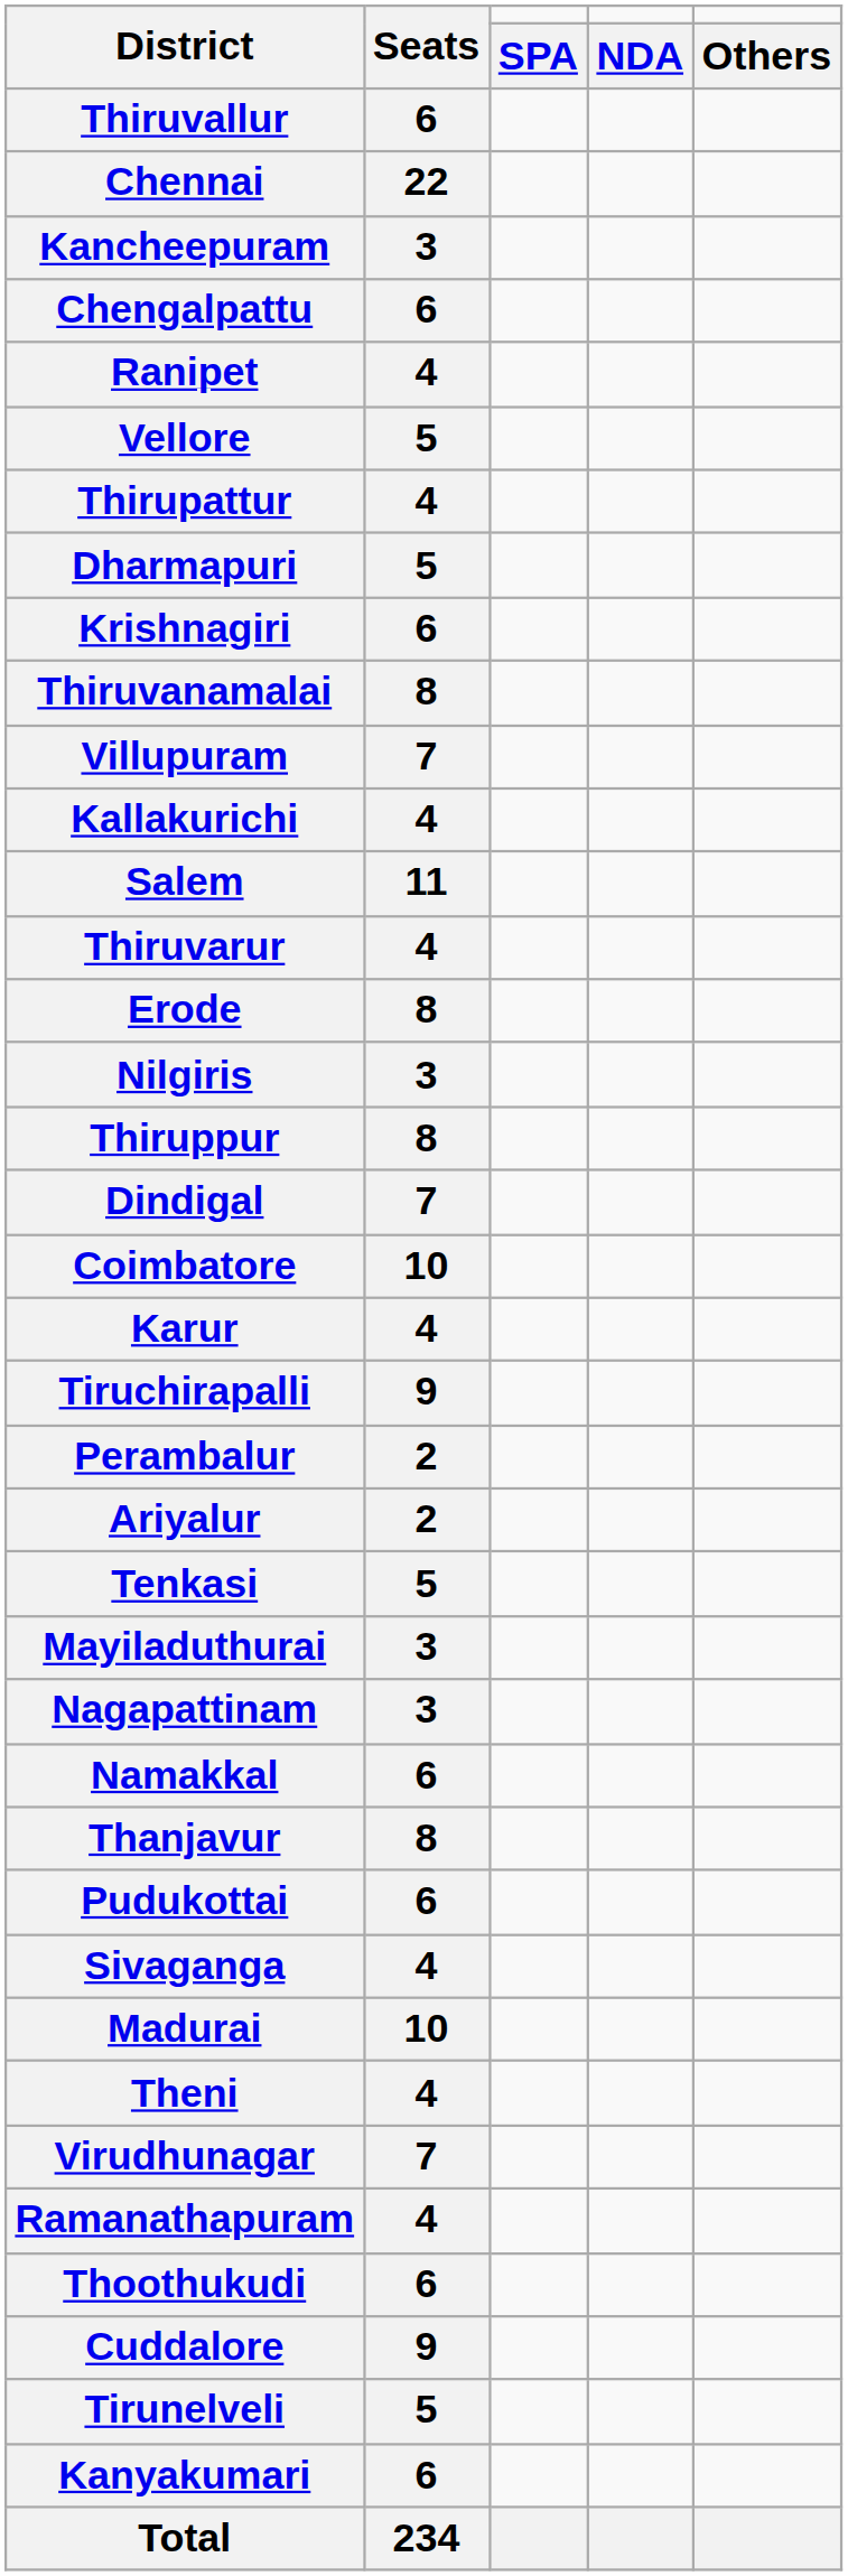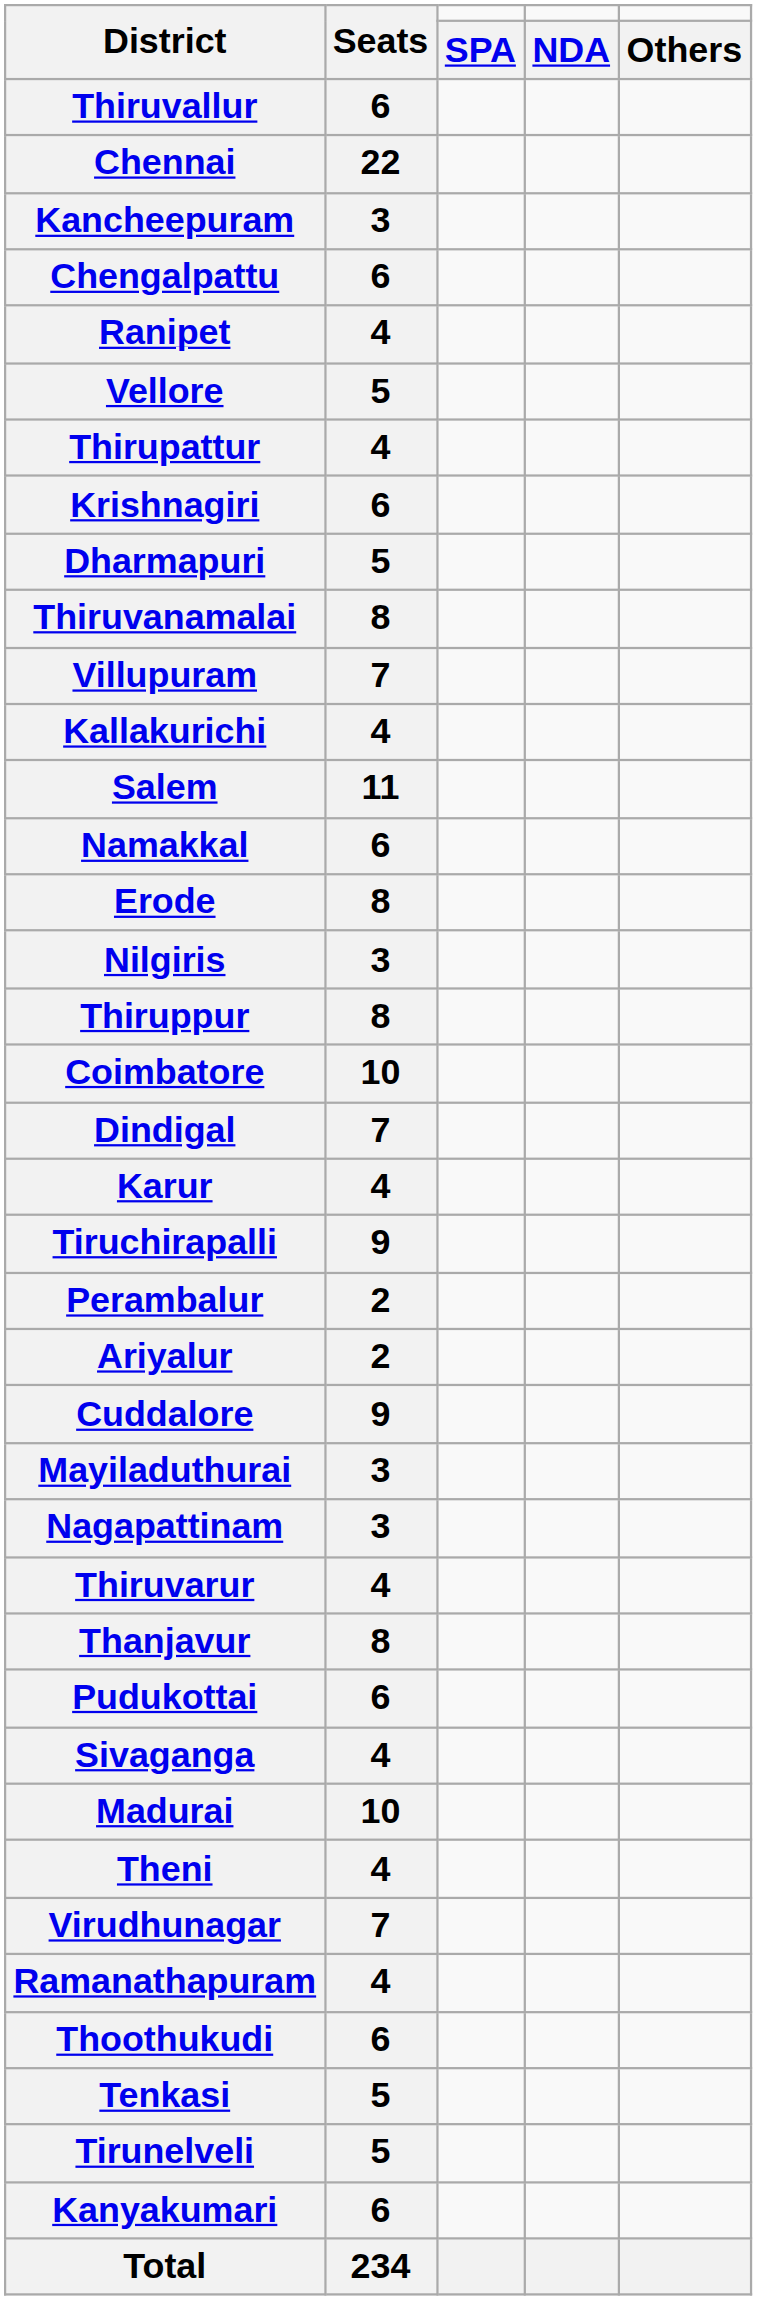 <table class="wikitable" style="text-align:center;">
 <tr>
 <th rowspan="2">District</th>
 <th rowspan="2">Seats</th>
 <td style="color:inherit;background:"></td>
 <td style="color:inherit;background:"></td>
 <td style="color:inherit;background:"></td>
 </tr>
 <tr>
 <th><a href='#'>SPA</a></th>
 <th><a href='#'>NDA</a></th>
 <th>Others</th>
 </tr>
 <tr>
 <th><a href='#'>Thiruvallur</a></th>
 <th>6</th>
 <td></td>
 <td></td>
 <td></td>
 </tr>
 <tr>
 <th><a href='#'>Chennai</a></th>
 <th>22</th>
 <td></td>
 <td></td>
 <td></td>
 </tr>
 <tr>
 <th><a href='#'>Kancheepuram</a></th>
 <th>3</th>
 <td></td>
 <td></td>
 <td></td>
 </tr>
 <tr>
 <th><a href='#'>Chengalpattu</a></th>
 <th>6</th>
 <td></td>
 <td></td>
 <td></td>
 </tr>
 <tr>
 <th><a href='#'>Ranipet</a></th>
 <th>4</th>
 <td></td>
 <td></td>
 <td></td>
 </tr>
 <tr>
 <th><a href='#'>Vellore</a></th>
 <th>5</th>
 <td></td>
 <td></td>
 <td></td>
 </tr>
 <tr>
 <th><a href='#'>Thirupattur</a></th>
 <th>4</th>
 <td></td>
 <td></td>
 <td></td>
 </tr>
 <tr>
-<th><a href='#'>Dharmapuri</a></th>
-<th>5</th>
+<th><a href='#'>Krishnagiri</a></th>
+<th>6</th>
 <td></td>
 <td></td>
 <td></td>
 </tr>
 <tr>
-<th><a href='#'>Krishnagiri</a></th>
-<th>6</th>
+<th><a href='#'>Dharmapuri</a></th>
+<th>5</th>
 <td></td>
 <td></td>
 <td></td>
 </tr>
 <tr>
 <th><a href='#'>Thiruvanamalai</a></th>
 <th>8</th>
 <td></td>
 <td></td>
 <td></td>
 </tr>
 <tr>
 <th><a href='#'>Villupuram</a></th>
 <th>7</th>
 <td></td>
 <td></td>
 <td></td>
 </tr>
 <tr>
 <th><a href='#'>Kallakurichi</a></th>
 <th>4</th>
 <td></td>
 <td></td>
 <td></td>
 </tr>
 <tr>
 <th><a href='#'>Salem</a></th>
 <th>11</th>
 <td></td>
 <td></td>
 <td></td>
 </tr>
 <tr>
-<th><a href='#'>Thiruvarur</a></th>
-<th>4</th>
+<th><a href='#'>Namakkal</a></th>
+<th>6</th>
 <td></td>
 <td></td>
 <td></td>
 </tr>
 <tr>
 <th><a href='#'>Erode</a></th>
 <th>8</th>
 <td></td>
 <td></td>
 <td></td>
 </tr>
 <tr>
 <th><a href='#'>Nilgiris</a></th>
 <th>3</th>
 <td></td>
 <td></td>
 <td></td>
 </tr>
 <tr>
 <th><a href='#'>Thiruppur</a></th>
 <th>8</th>
 <td></td>
 <td></td>
 <td></td>
 </tr>
 <tr>
-<th><a href='#'>Dindigal</a></th>
-<th>7</th>
+<th><a href='#'>Coimbatore</a></th>
+<th>10</th>
 <td></td>
 <td></td>
 <td></td>
 </tr>
 <tr>
-<th><a href='#'>Coimbatore</a></th>
-<th>10</th>
+<th><a href='#'>Dindigal</a></th>
+<th>7</th>
 <td></td>
 <td></td>
 <td></td>
 </tr>
 <tr>
 <th><a href='#'>Karur</a></th>
 <th>4</th>
 <td></td>
 <td></td>
 <td></td>
 </tr>
 <tr>
 <th><a href='#'>Tiruchirapalli</a></th>
 <th>9</th>
 <td></td>
 <td></td>
 <td></td>
 </tr>
 <tr>
 <th><a href='#'>Perambalur</a></th>
 <th>2</th>
 <td></td>
 <td></td>
 <td></td>
 </tr>
 <tr>
 <th><a href='#'>Ariyalur</a></th>
 <th>2</th>
 <td></td>
 <td></td>
 <td></td>
 </tr>
 <tr>
-<th><a href='#'>Tenkasi</a></th>
-<th>5</th>
+<th><a href='#'>Cuddalore</a></th>
+<th>9</th>
 <td></td>
 <td></td>
 <td></td>
 </tr>
 <tr>
 <th><a href='#'>Mayiladuthurai</a></th>
 <th>3</th>
 <td></td>
 <td></td>
 <td></td>
 </tr>
 <tr>
 <th><a href='#'>Nagapattinam</a></th>
 <th>3</th>
 <td></td>
 <td></td>
 <td></td>
 </tr>
 <tr>
-<th><a href='#'>Namakkal</a></th>
-<th>6</th>
+<th><a href='#'>Thiruvarur</a></th>
+<th>4</th>
 <td></td>
 <td></td>
 <td></td>
 </tr>
 <tr>
 <th><a href='#'>Thanjavur</a></th>
 <th>8</th>
 <td></td>
 <td></td>
 <td></td>
 </tr>
 <tr>
 <th><a href='#'>Pudukottai</a></th>
 <th>6</th>
 <td></td>
 <td></td>
 <td></td>
 </tr>
 <tr>
 <th><a href='#'>Sivaganga</a></th>
 <th>4</th>
 <td></td>
 <td></td>
 <td></td>
 </tr>
 <tr>
 <th><a href='#'>Madurai</a></th>
 <th>10</th>
 <td></td>
 <td></td>
 <td></td>
 </tr>
 <tr>
 <th><a href='#'>Theni</a></th>
 <th>4</th>
 <td></td>
 <td></td>
 <td></td>
 </tr>
 <tr>
 <th><a href='#'>Virudhunagar</a></th>
 <th>7</th>
 <td></td>
 <td></td>
 <td></td>
 </tr>
 <tr>
 <th><a href='#'>Ramanathapuram</a></th>
 <th>4</th>
 <td></td>
 <td></td>
 <td></td>
 </tr>
 <tr>
 <th><a href='#'>Thoothukudi</a></th>
 <th>6</th>
 <td></td>
 <td></td>
 <td></td>
 </tr>
 <tr>
-<th><a href='#'>Cuddalore</a></th>
-<th>9</th>
+<th><a href='#'>Tenkasi</a></th>
+<th>5</th>
 <td></td>
 <td></td>
 <td></td>
 </tr>
 <tr>
 <th><a href='#'>Tirunelveli</a></th>
 <th>5</th>
 <td></td>
 <td></td>
 <td></td>
 </tr>
 <tr>
 <th><a href='#'>Kanyakumari</a></th>
 <th>6</th>
 <td></td>
 <td></td>
 <td></td>
 </tr>
 <tr>
 <th>Total</th>
 <th>234</th>
 <th></th>
 <th></th>
 <th></th>
 </tr>
 </table>
